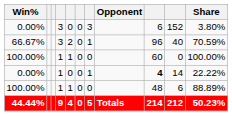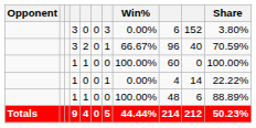 <table class="wikitable sortable" style="text-align:right;">
 <tr>
-<th>Win%</th>
+<th>Opponent</th>
 <th></th>
 <th></th>
 <th></th>
 <th></th>
 <th></th>
 <th></th>
-<th>Opponent</th>
+<th>Win%</th>
 <th></th>
 <th></th>
 <th>Share</th>
 </tr>
 <tr>
-<td>0.00%</td>
+<td align=left></td>
 <td></td>
 <td></td>
 <td>3</td>
 <td>0</td>
 <td>0</td>
 <td>3</td>
-<td align=left></td>
+<td>0.00%</td>
 <td>6</td>
 <td>152</td>
 <td>3.80%</td>
 </tr>
 <tr>
-<td>66.67%</td>
+<td align=left></td>
 <td></td>
 <td></td>
 <td>3</td>
 <td>2</td>
 <td>0</td>
 <td>1</td>
-<td align=left></td>
+<td>66.67%</td>
 <td>96</td>
 <td>40</td>
 <td>70.59%</td>
 </tr>
 <tr>
-<td>100.00%</td>
+<td align=left></td>
 <td></td>
 <td></td>
 <td>1</td>
 <td>1</td>
 <td>0</td>
 <td>0</td>
-<td align=left></td>
+<td>100.00%</td>
 <td>60</td>
 <td>0</td>
 <td>100.00%</td>
 </tr>
 <tr>
-<td>0.00%</td>
+<td align=left></td>
 <td></td>
 <td></td>
 <td>1</td>
 <td>0</td>
 <td>0</td>
 <td>1</td>
-<td align=left></td>
-<td><strong>4</strong></td>
+<td>0.00%</td>
+<td>4</td>
 <td>14</td>
 <td>22.22%</td>
 </tr>
 <tr>
-<td>100.00%</td>
+<td align=left></td>
 <td></td>
 <td></td>
 <td>1</td>
 <td>1</td>
 <td>0</td>
 <td>0</td>
-<td align=left></td>
+<td>100.00%</td>
 <td>48</td>
 <td>6</td>
 <td>88.89%</td>
 </tr>
 <tr style="background: red; color:white;">
-<td><strong>44.44%</strong></td>
+<td align=left><strong>Totals</strong></td>
 <td><strong></strong></td>
 <td><strong></strong></td>
 <td><strong>9</strong></td>
 <td><strong>4</strong></td>
 <td><strong>0</strong></td>
 <td><strong>5</strong></td>
-<td align=left><strong>Totals</strong></td>
+<td><strong>44.44%</strong></td>
 <td><strong>214</strong></td>
 <td><strong>212</strong></td>
 <td><strong>50.23%</strong></td>
 </tr>
 </table>
